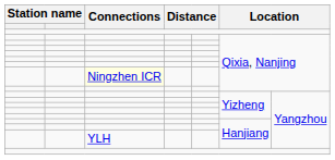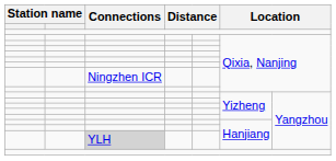 <table class="wikitable">
 <tr>
 <th colspan="2">Station name</th>
 <th rowspan="2">Connections</th>
 <th colspan="2" rowspan="2">Distance<br></th>
 <th colspan="2" rowspan="2">Location</th>
 </tr>
 <tr>
 <th></th>
 <th></th>
 </tr>
 <tr style="background:#">
 <td colspan = "7"></td>
 </tr>
 <tr>
 <td></td>
 <td></td>
 <td> </td>
 <td></td>
 <td></td>
 <td colspan="2" rowspan="8"><a href='#'>Qixia</a>, <a href='#'>Nanjing</a></td>
 </tr>
 <tr>
 <td></td>
 <td></td>
 <td></td>
 <td></td>
 <td></td>
 </tr>
 <tr>
 <td></td>
 <td></td>
 <td></td>
 <td></td>
 <td></td>
 </tr>
 <tr>
 <td></td>
 <td></td>
 <td></td>
 <td></td>
 <td></td>
 </tr>
 <tr>
 <td></td>
 <td></td>
 <td></td>
 <td></td>
 <td></td>
 </tr>
 <tr>
 <td></td>
 <td></td>
 <td></td>
 <td></td>
 <td></td>
 </tr>
 <tr>
 <td></td>
 <td></td>
-<td style="background: lightyellow;"><a href='#'>Ningzhen ICR</a></td>
+<td><a href='#'>Ningzhen ICR</a></td>
 <td></td>
 <td></td>
 </tr>
 <tr>
 <td></td>
 <td></td>
 <td></td>
 <td></td>
 <td></td>
 </tr>
 <tr>
 <td></td>
 <td></td>
 <td></td>
 <td></td>
 <td></td>
 <td rowspan="5"><a href='#'>Yizheng</a></td>
 <td rowspan="8"><a href='#'>Yangzhou</a></td>
 </tr>
 <tr>
 <td></td>
 <td></td>
 <td></td>
 <td></td>
 <td></td>
 </tr>
 <tr>
 <td></td>
 <td></td>
 <td></td>
 <td></td>
 <td></td>
 </tr>
 <tr>
 <td></td>
 <td></td>
 <td></td>
 <td></td>
 <td></td>
 </tr>
 <tr>
 <td></td>
 <td></td>
 <td></td>
 <td></td>
 <td></td>
 </tr>
 <tr>
 <td></td>
 <td></td>
 <td></td>
 <td></td>
 <td></td>
 <td rowspan="3"><a href='#'>Hanjiang</a></td>
 </tr>
 <tr>
 <td></td>
 <td></td>
 <td></td>
 <td></td>
 <td></td>
 </tr>
 <tr>
 <td></td>
 <td></td>
-<td> <a href='#'>YLH</a></td>
+<td style="background: lightgrey;"> <a href='#'>YLH</a></td>
 <td></td>
 <td></td>
 </tr>
 <tr style="background:#">
 <td colspan = "7"></td>
 </tr>
 </table>
